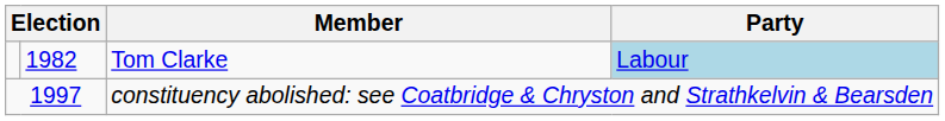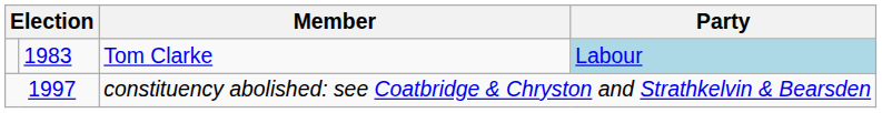 <table class="wikitable">
 <tr>
 <th colspan="2">Election</th>
 <th>Member</th>
 <th>Party</th>
 </tr>
 <tr>
 <td style="color:inherit;background-color: "></td>
-<td><a href='#'>1982</a></td>
+<td><a href='#'>1983</a></td>
 <td><a href='#'>Tom Clarke</a></td>
 <td style="background: lightblue;"><a href='#'>Labour</a></td>
 </tr>
 <tr>
 <td colspan="2" align="center"><a href='#'>1997</a></td>
 <td colspan="2"><em>constituency abolished: see <a href='#'>Coatbridge & Chryston</a> and <a href='#'>Strathkelvin & Bearsden</a></em></td>
 </tr>
 </table>
